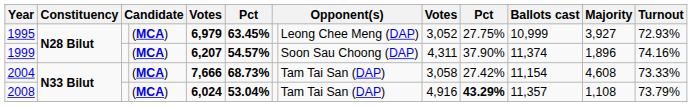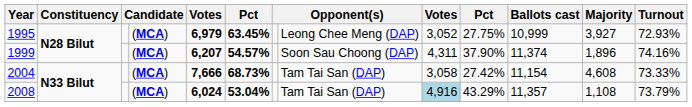 <table class="wikitable" style="margin:0.5em ; font-size:95%">
 <tr>
 <th>Year</th>
 <th>Constituency</th>
 <th colspan=2>Candidate</th>
 <th>Votes</th>
 <th>Pct</th>
 <th colspan=2>Opponent(s)</th>
 <th>Votes</th>
 <th>Pct</th>
 <th>Ballots cast</th>
 <th>Majority</th>
 <th>Turnout</th>
 </tr>
 <tr>
 <td><a href='#'>1995</a></td>
 <td rowspan="2"><strong>N28 Bilut</strong></td>
 <td></td>
 <td> (<a href='#'><strong>MCA</strong></a>)</td>
 <td align="right"><strong>6,979</strong></td>
 <td><strong>63.45%</strong></td>
 <td></td>
 <td>Leong Chee Meng (<a href='#'>DAP</a>)</td>
 <td align="right">3,052</td>
 <td>27.75%</td>
 <td>10,999</td>
 <td>3,927</td>
 <td>72.93%</td>
 </tr>
 <tr>
 <td><a href='#'>1999</a></td>
 <td></td>
 <td> (<a href='#'><strong>MCA</strong></a>)</td>
 <td align="right"><strong>6,207</strong></td>
 <td><strong>54.57%</strong></td>
 <td></td>
 <td>Soon Sau Choong (<a href='#'>DAP</a>)</td>
 <td align="right">4,311</td>
 <td>37.90%</td>
 <td>11,374</td>
 <td>1,896</td>
 <td>74.16%</td>
 </tr>
 <tr>
 <td><a href='#'>2004</a></td>
 <td rowspan="2"><strong>N33 Bilut</strong></td>
 <td></td>
 <td> (<a href='#'><strong>MCA</strong></a>)</td>
 <td align="right"><strong>7,666</strong></td>
 <td><strong>68.73%</strong></td>
 <td></td>
 <td>Tam Tai San (<a href='#'>DAP</a>)</td>
 <td align="right">3,058</td>
 <td>27.42%</td>
 <td>11,154</td>
 <td>4,608</td>
 <td>73.33%</td>
 </tr>
 <tr>
 <td><a href='#'>2008</a></td>
 <td></td>
 <td> (<a href='#'><strong>MCA</strong></a>)</td>
 <td align="right"><strong>6,024</strong></td>
 <td><strong>53.04%</strong></td>
 <td></td>
 <td>Tam Tai San (<a href='#'>DAP</a>)</td>
-<td align="right">4,916</td>
-<td><strong>43.29%</strong></td>
+<td align="right" style="background: lightblue;">4,916</td>
+<td>43.29%</td>
 <td>11,357</td>
 <td>1,108</td>
 <td>73.79%</td>
 </tr>
 </table>
